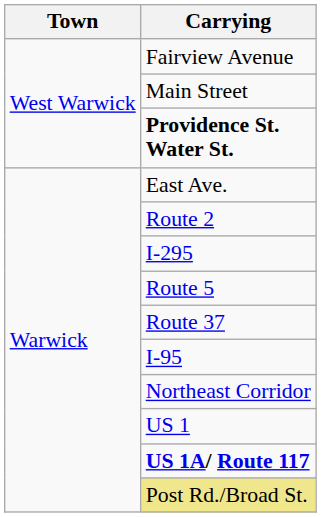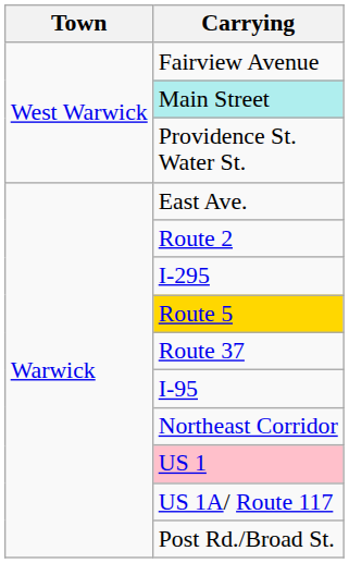 <table class="wikitable">
 <tr>
 <th>Town</th>
 <th>Carrying</th>
 </tr>
 <tr>
 <td rowspan="3"><a href='#'>West Warwick</a></td>
 <td>Fairview Avenue</td>
 </tr>
 <tr>
-<td>Main Street</td>
+<td style="background: paleturquoise;">Main Street</td>
 </tr>
 <tr>
-<td><strong>Providence St.<br>Water St.</strong></td>
+<td>Providence St.<br>Water St.</td>
 </tr>
 <tr>
 <td rowspan="10"><a href='#'>Warwick</a></td>
 <td>East Ave.</td>
 </tr>
 <tr>
 <td> <a href='#'>Route 2</a></td>
 </tr>
 <tr>
 <td> <a href='#'>I-295</a></td>
 </tr>
 <tr>
-<td> <a href='#'>Route 5</a></td>
+<td style="background: gold;"> <a href='#'>Route 5</a></td>
 </tr>
 <tr>
 <td> <a href='#'>Route 37</a></td>
 </tr>
 <tr>
 <td> <a href='#'>I-95</a></td>
 </tr>
 <tr>
 <td><a href='#'>Northeast Corridor</a></td>
 </tr>
 <tr>
-<td> <a href='#'>US 1</a></td>
+<td style="background: pink;"> <a href='#'>US 1</a></td>
 </tr>
 <tr>
-<td><strong> <a href='#'>US 1A</a>/ <a href='#'>Route 117</a></strong></td>
+<td> <a href='#'>US 1A</a>/ <a href='#'>Route 117</a></td>
 </tr>
 <tr>
-<td style="background: khaki;">Post Rd./Broad St.</td>
+<td>Post Rd./Broad St.</td>
 </tr>
 </table>
